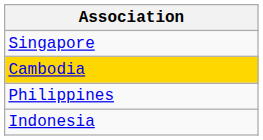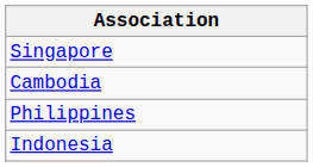 <table class="wikitable">
 <tr>
 <th width=200>Association</th>
 </tr>
 <tr>
 <td> <a href='#'>Singapore</a></td>
 </tr>
 <tr>
-<td style="background: gold;"> <a href='#'>Cambodia</a></td>
+<td> <a href='#'>Cambodia</a></td>
 </tr>
 <tr>
 <td> <a href='#'>Philippines</a></td>
 </tr>
 <tr>
 <td> <a href='#'>Indonesia</a></td>
 </tr>
 </table>
